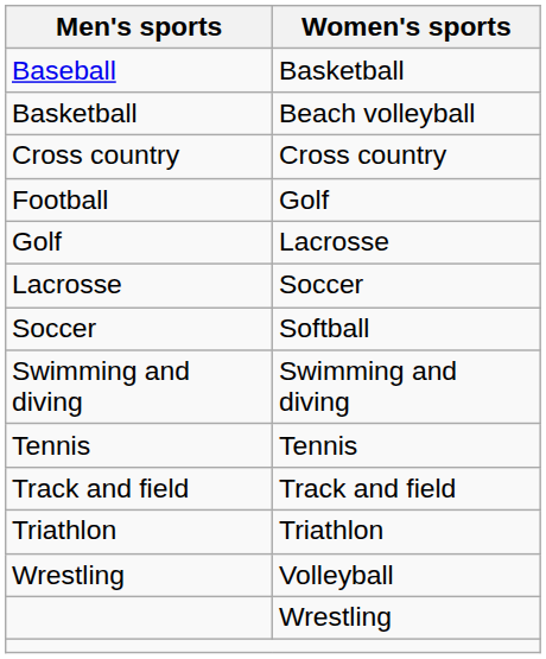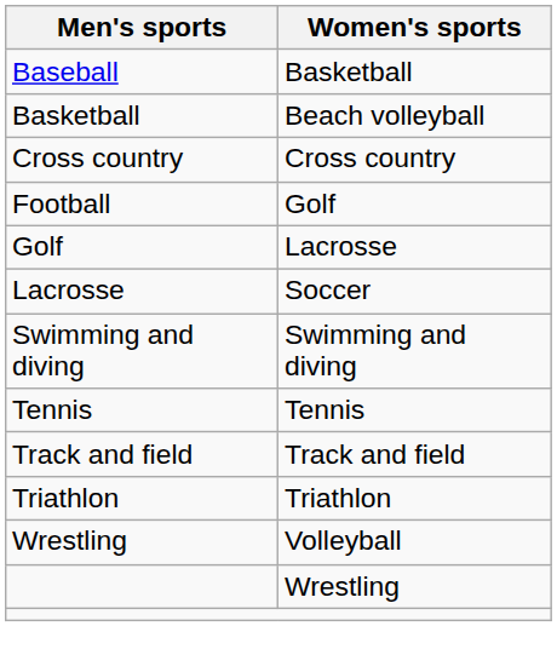 <table class="wikitable"; style= "text-align: ">
 <tr>
 <th width=150px>Men's sports</th>
 <th width=150px>Women's sports</th>
 </tr>
 <tr>
 <td><a href='#'>Baseball</a></td>
 <td>Basketball</td>
 </tr>
 <tr>
 <td>Basketball</td>
 <td>Beach volleyball</td>
 </tr>
 <tr>
 <td>Cross country</td>
 <td>Cross country</td>
 </tr>
 <tr>
 <td>Football</td>
 <td>Golf</td>
 </tr>
 <tr>
 <td>Golf</td>
 <td>Lacrosse</td>
 </tr>
 <tr>
 <td>Lacrosse</td>
 <td>Soccer</td>
 </tr>
 <tr>
-<td>Soccer</td>
-<td>Softball</td>
-</tr>
-<tr>
 <td>Swimming and diving</td>
 <td>Swimming and diving</td>
 </tr>
 <tr>
 <td>Tennis</td>
 <td>Tennis</td>
 </tr>
 <tr>
 <td>Track and field</td>
 <td>Track and field</td>
 </tr>
 <tr>
 <td>Triathlon</td>
 <td>Triathlon</td>
 </tr>
 <tr>
 <td>Wrestling</td>
 <td>Volleyball</td>
 </tr>
 <tr>
 <td></td>
 <td>Wrestling</td>
 </tr>
 <tr>
 <td colspan=2></td>
 </tr>
 </table>
